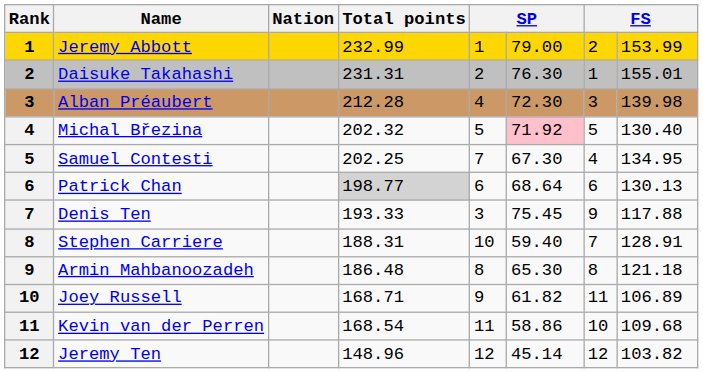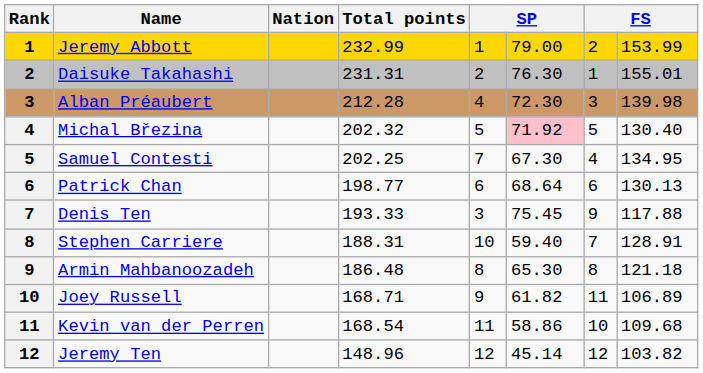 <table class="wikitable sortable">
 <tr>
 <th>Rank</th>
 <th>Name</th>
 <th>Nation</th>
 <th>Total points</th>
 <th colspan="2" width="80px"><a href='#'>SP</a></th>
 <th colspan="2" width="80px"><a href='#'>FS</a></th>
 </tr>
 <tr bgcolor="gold">
 <td align="center"><strong>1</strong></td>
 <td><a href='#'>Jeremy Abbott</a></td>
 <td></td>
 <td>232.99</td>
 <td>1</td>
 <td>79.00</td>
 <td>2</td>
 <td>153.99</td>
 </tr>
 <tr bgcolor="silver">
 <td align="center"><strong>2</strong></td>
 <td><a href='#'>Daisuke Takahashi</a></td>
 <td></td>
 <td>231.31</td>
 <td>2</td>
 <td>76.30</td>
 <td>1</td>
 <td>155.01</td>
 </tr>
 <tr bgcolor="cc9966">
 <td align="center"><strong>3</strong></td>
 <td><a href='#'>Alban Préaubert</a></td>
 <td></td>
 <td>212.28</td>
 <td>4</td>
 <td>72.30</td>
 <td>3</td>
 <td>139.98</td>
 </tr>
 <tr>
 <th>4</th>
 <td><a href='#'>Michal Březina</a></td>
 <td></td>
 <td>202.32</td>
 <td>5</td>
 <td style="background: pink;">71.92</td>
 <td>5</td>
 <td>130.40</td>
 </tr>
 <tr>
 <th>5</th>
 <td><a href='#'>Samuel Contesti</a></td>
 <td></td>
 <td>202.25</td>
 <td>7</td>
 <td>67.30</td>
 <td>4</td>
 <td>134.95</td>
 </tr>
 <tr>
 <th>6</th>
 <td><a href='#'>Patrick Chan</a></td>
 <td></td>
-<td style="background: lightgrey;">198.77</td>
+<td>198.77</td>
 <td>6</td>
 <td>68.64</td>
 <td>6</td>
 <td>130.13</td>
 </tr>
 <tr>
 <th>7</th>
 <td><a href='#'>Denis Ten</a></td>
 <td></td>
 <td>193.33</td>
 <td>3</td>
 <td>75.45</td>
 <td>9</td>
 <td>117.88</td>
 </tr>
 <tr>
 <th>8</th>
 <td><a href='#'>Stephen Carriere</a></td>
 <td></td>
 <td>188.31</td>
 <td>10</td>
 <td>59.40</td>
 <td>7</td>
 <td>128.91</td>
 </tr>
 <tr>
 <th>9</th>
 <td><a href='#'>Armin Mahbanoozadeh</a></td>
 <td></td>
 <td>186.48</td>
 <td>8</td>
 <td>65.30</td>
 <td>8</td>
 <td>121.18</td>
 </tr>
 <tr>
 <th>10</th>
 <td><a href='#'>Joey Russell</a></td>
 <td></td>
 <td>168.71</td>
 <td>9</td>
 <td>61.82</td>
 <td>11</td>
 <td>106.89</td>
 </tr>
 <tr>
 <th>11</th>
 <td><a href='#'>Kevin van der Perren</a></td>
 <td></td>
 <td>168.54</td>
 <td>11</td>
 <td>58.86</td>
 <td>10</td>
 <td>109.68</td>
 </tr>
 <tr>
 <th>12</th>
 <td><a href='#'>Jeremy Ten</a></td>
 <td></td>
 <td>148.96</td>
 <td>12</td>
 <td>45.14</td>
 <td>12</td>
 <td>103.82</td>
 </tr>
 </table>
